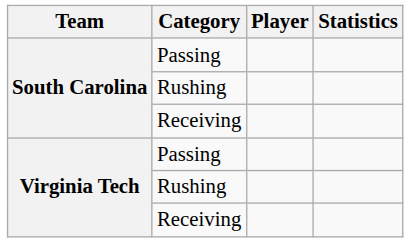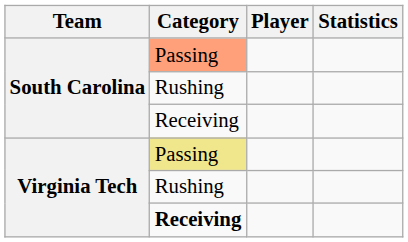 <table class="wikitable" style="float:right">
 <tr>
 <th>Team</th>
 <th>Category</th>
 <th>Player</th>
 <th>Statistics</th>
 </tr>
 <tr>
 <th rowspan=3>South Carolina</th>
-<td>Passing</td>
+<td style="background: lightsalmon;">Passing</td>
 <td></td>
 <td></td>
 </tr>
 <tr>
 <td>Rushing</td>
 <td></td>
 <td></td>
 </tr>
 <tr>
 <td>Receiving</td>
 <td></td>
 <td></td>
 </tr>
 <tr>
 <th rowspan=3>Virginia Tech</th>
-<td>Passing</td>
+<td style="background: khaki;">Passing</td>
 <td></td>
 <td></td>
 </tr>
 <tr>
 <td>Rushing</td>
 <td></td>
 <td></td>
 </tr>
 <tr>
-<td>Receiving</td>
+<td><strong>Receiving</strong></td>
 <td></td>
 <td></td>
 </tr>
 </table>
